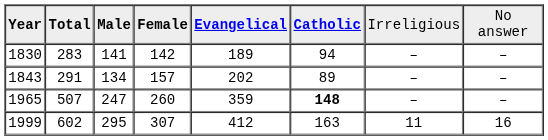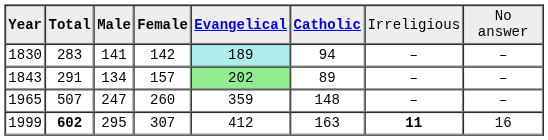 <table border="1" cellpadding="2" cellspacing="0" width="500">
 <tr bgcolor="#eeeeee" align="center">
 <td><strong>Year</strong></td>
 <td><strong>Total</strong></td>
 <td><strong>Male</strong></td>
 <td><strong>Female</strong></td>
 <td><strong><a href='#'>Evangelical</a></strong></td>
 <td><strong><a href='#'>Catholic</a></strong></td>
 <td>Irreligious</td>
 <td>No answer</td>
 </tr>
 <tr align="center">
 <td>1830</td>
 <td>283</td>
 <td>141</td>
 <td>142</td>
-<td>189</td>
+<td style="background: paleturquoise;">189</td>
 <td>94</td>
 <td>–</td>
 <td>–</td>
 </tr>
 <tr align="center">
 <td>1843</td>
 <td>291</td>
 <td>134</td>
 <td>157</td>
-<td>202</td>
+<td style="background: lightgreen;">202</td>
 <td>89</td>
 <td>–</td>
 <td>–</td>
 </tr>
 <tr align="center">
 <td>1965</td>
 <td>507</td>
 <td>247</td>
 <td>260</td>
 <td>359</td>
-<td><strong>148</strong></td>
+<td>148</td>
 <td>–</td>
 <td>–</td>
 </tr>
 <tr align="center">
 <td>1999</td>
-<td>602</td>
+<td><strong>602</strong></td>
 <td>295</td>
 <td>307</td>
 <td>412</td>
 <td>163</td>
-<td>11</td>
+<td><strong>11</strong></td>
 <td>16</td>
 </tr>
 </table>
